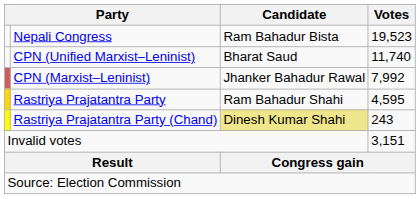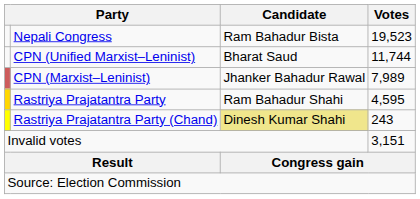 <table class="wikitable">
 <tr>
 <th colspan="2">Party</th>
 <th>Candidate</th>
 <th>Votes</th>
 </tr>
 <tr>
 <td style="background-color:"></td>
 <td><a href='#'>Nepali Congress</a></td>
 <td>Ram Bahadur Bista</td>
 <td>19,523</td>
 </tr>
 <tr>
 <td style="background-color:"></td>
 <td><a href='#'>CPN (Unified Marxist–Leninist)</a></td>
 <td>Bharat Saud</td>
-<td>11,740</td>
+<td>11,744</td>
 </tr>
 <tr>
 <td style="background-color:indianred"></td>
 <td><a href='#'>CPN (Marxist–Leninist)</a></td>
 <td>Jhanker Bahadur Rawal</td>
-<td>7,992</td>
+<td>7,989</td>
 </tr>
 <tr>
 <td style="background-color:gold"></td>
 <td><a href='#'>Rastriya Prajatantra Party</a></td>
 <td>Ram Bahadur Shahi</td>
 <td>4,595</td>
 </tr>
 <tr>
 <td style="background-color:yellow"></td>
 <td><a href='#'>Rastriya Prajatantra Party (Chand)</a></td>
 <td style="background: khaki;">Dinesh Kumar Shahi</td>
 <td>243</td>
 </tr>
 <tr>
 <td colspan="3">Invalid votes</td>
 <td>3,151</td>
 </tr>
 <tr>
 <th colspan="2">Result</th>
 <th colspan="2">Congress gain</th>
 </tr>
 <tr>
 <td colspan="4">Source: Election Commission</td>
 </tr>
 </table>
